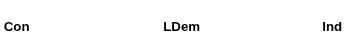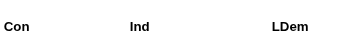 <table style="width:60%; text-align:center;">
 <tr style="color:white;">
 <td style="background:"><strong>22</strong></td>
+<td style="background:"><strong>2</strong></td>
 <td style="background:"><strong>20</strong></td>
-<td style="background:"><strong>2</strong></td>
 </tr>
 <tr>
 <td><span><strong>Con</strong></span></td>
+<td><span><strong>Ind</strong></span></td>
 <td><span><strong>LDem</strong></span></td>
-<td><span><strong>Ind</strong></span></td>
 </tr>
 </table>
